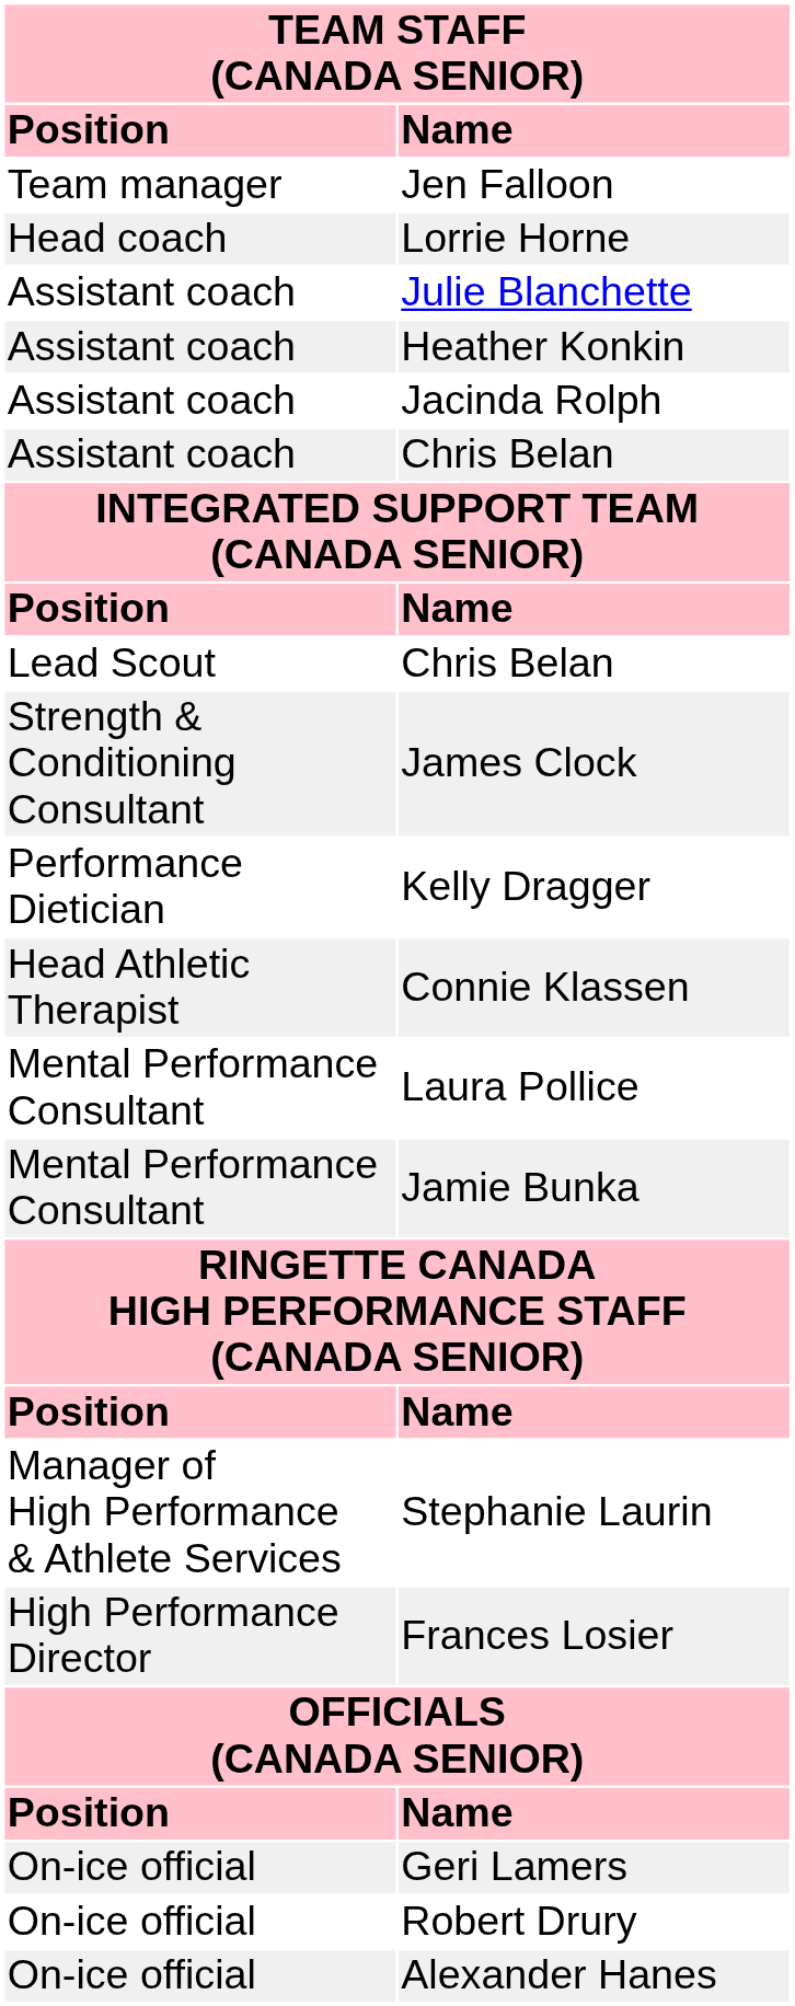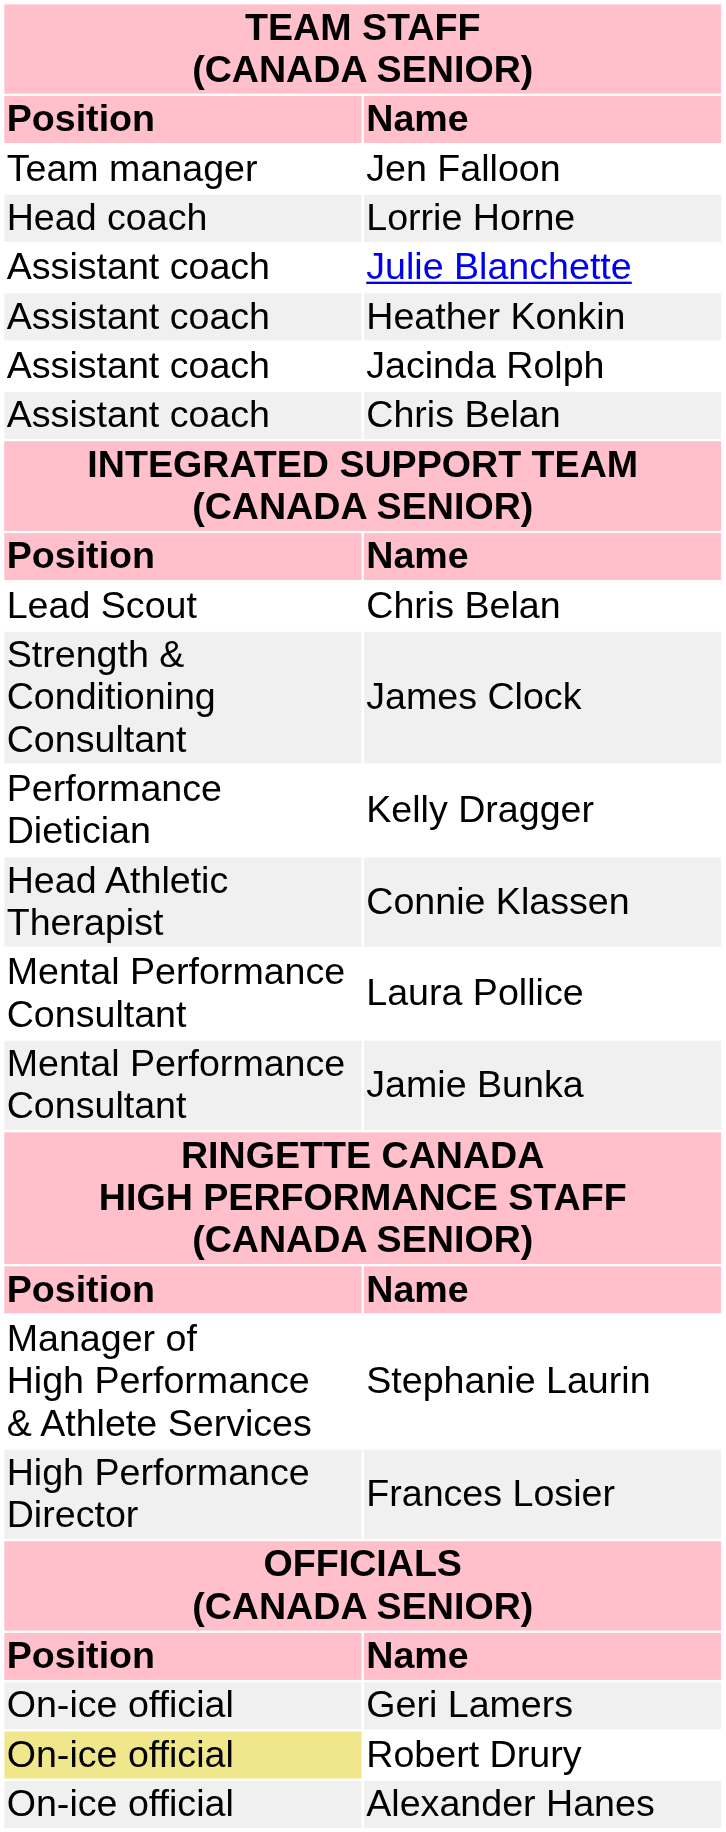 <table border="0" cellspacing="1" cellpadding="1">
 <tr bgcolor=pink>
 <th colspan=2>TEAM STAFF<br>(CANADA SENIOR)</th>
 </tr>
 <tr bgcolor=pink>
 <th align=left width=150>Position</th>
 <th align=left width=150>Name</th>
 </tr>
 <tr>
 <td align=left>Team manager</td>
 <td align=left>Jen Falloon</td>
 </tr>
 <tr bgcolor="#f0f0f0">
 <td align=left>Head coach</td>
 <td>Lorrie Horne</td>
 </tr>
 <tr>
 <td align=left>Assistant coach</td>
 <td align=left><a href='#'>Julie Blanchette</a></td>
 </tr>
 <tr bgcolor="#f0f0f0">
 <td align=left>Assistant coach</td>
 <td align=left>Heather Konkin</td>
 </tr>
 <tr>
 <td align=left>Assistant coach</td>
 <td align=left>Jacinda Rolph</td>
 </tr>
 <tr bgcolor="#f0f0f0">
 <td align=left>Assistant coach</td>
 <td align=left>Chris Belan</td>
 </tr>
 <tr bgcolor=pink>
 <th style=background:pink colspan=2>INTEGRATED SUPPORT TEAM<br>(CANADA SENIOR)</th>
 </tr>
 <tr bgcolor=pink>
 <th align=left width=100>Position</th>
 <th align=left width=150>Name</th>
 </tr>
 <tr>
 <td align=left>Lead Scout</td>
 <td align=left>Chris Belan</td>
 </tr>
 <tr bgcolor="#f0f0f0">
 <td align=left>Strength & Conditioning Consultant</td>
 <td align=left>James Clock</td>
 </tr>
 <tr>
 <td align=left>Performance Dietician</td>
 <td align=left>Kelly Dragger</td>
 </tr>
 <tr bgcolor="#f0f0f0">
 <td align=left>Head Athletic Therapist</td>
 <td align=left>Connie Klassen</td>
 </tr>
 <tr>
 <td align=left>Mental Performance Consultant</td>
 <td align=left>Laura Pollice</td>
 </tr>
 <tr bgcolor="#f0f0f0">
 <td align=left>Mental Performance Consultant</td>
 <td align=left>Jamie Bunka</td>
 </tr>
 <tr>
 <th style=background:pink colspan=2>RINGETTE CANADA<br>HIGH PERFORMANCE STAFF<br>(CANADA SENIOR)</th>
 </tr>
 <tr bgcolor=pink>
 <th align=left width=100>Position</th>
 <th align=left width=150>Name</th>
 </tr>
 <tr>
 <td align=left>Manager of<br>High Performance<br>& Athlete Services</td>
 <td>Stephanie Laurin</td>
 </tr>
 <tr bgcolor="#f0f0f0">
 <td align=left>High Performance<br>Director</td>
 <td>Frances Losier</td>
 </tr>
 <tr>
 <th style=background:pink colspan=2>OFFICIALS<br>(CANADA SENIOR)</th>
 </tr>
 <tr bgcolor=pink>
 <th align=left width=100>Position</th>
 <th align=left>Name</th>
 </tr>
 <tr bgcolor="#f0f0f0">
 <td align=left>On-ice official</td>
 <td>Geri Lamers</td>
 </tr>
 <tr>
-<td align=left>On-ice official</td>
+<td align=left style="background: khaki;">On-ice official</td>
 <td>Robert Drury</td>
 </tr>
 <tr bgcolor="#f0f0f0">
 <td align=left>On-ice official</td>
 <td>Alexander Hanes</td>
 </tr>
 </table>
